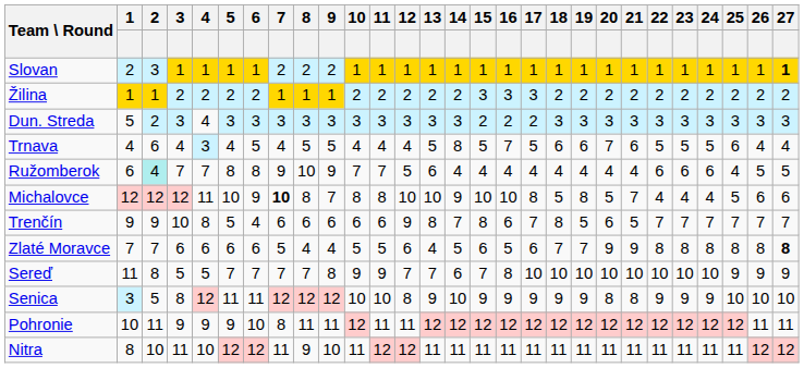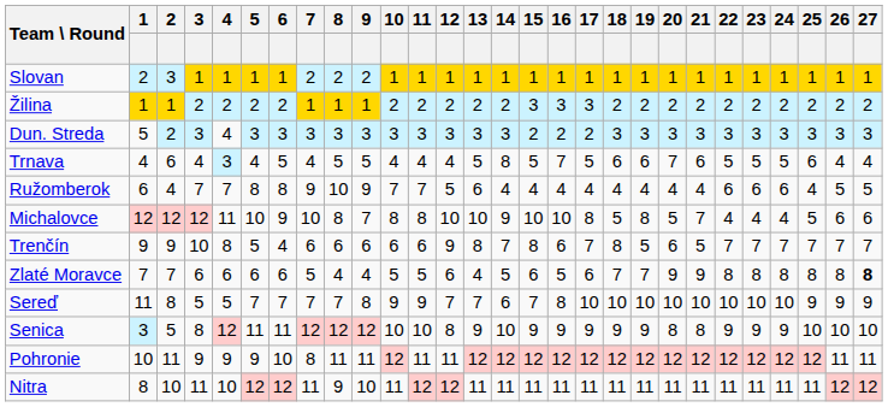 <table class="wikitable sortable" style="font-size: 100%; text-align:center;">
 <tr>
 <th rowspan="2">Team \ Round</th>
 <th align=center>1</th>
 <th align=center>2</th>
 <th align=center>3</th>
 <th align=center>4</th>
 <th align=center>5</th>
 <th align=center>6</th>
 <th align=center>7</th>
 <th align=center>8</th>
 <th align=center>9</th>
 <th align=center>10</th>
 <th align=center>11</th>
 <th align=center>12</th>
 <th align=center>13</th>
 <th align=center>14</th>
 <th align=center>15</th>
 <th align=center>16</th>
 <th align=center>17</th>
 <th align=center>18</th>
 <th align=center>19</th>
 <th align=center>20</th>
 <th align=center>21</th>
 <th align=center>22</th>
 <th align=center>23</th>
 <th align=center>24</th>
 <th align=center>25</th>
 <th align=center>26</th>
 <th align=center>27</th>
 </tr>
 <tr>
 <th style="text-align:center; height:20px;"></th>
 <th align=center></th>
 <th align=center></th>
 <th align=center></th>
 <th align=center></th>
 <th align=center></th>
 <th align=center></th>
 <th align=center></th>
 <th align=center></th>
 <th align=center></th>
 <th align=center></th>
 <th align=center></th>
 <th align=center></th>
 <th align=center></th>
 <th align=center></th>
 <th align=center></th>
 <th align=center></th>
 <th align=center></th>
 <th align=center></th>
 <th align=center></th>
 <th align=center></th>
 <th align=center></th>
 <th align=center></th>
 <th align=center></th>
 <th align=center></th>
 <th align=center></th>
 <th align=center></th>
 </tr>
 <tr align=center>
 <td align=left><a href='#'>Slovan</a></td>
 <td style="background:#CCF3FF;">2</td>
 <td style="background:#CCF3FF;">3</td>
 <td style="background:gold;">1</td>
 <td style="background:gold;">1</td>
 <td style="background:gold;">1</td>
 <td style="background:gold;">1</td>
 <td style="background:#CCF3FF;">2</td>
 <td style="background:#CCF3FF;">2</td>
 <td style="background:#CCF3FF;">2</td>
 <td style="background:gold;">1</td>
 <td style="background:gold;">1</td>
 <td style="background:gold;">1</td>
 <td style="background:gold;">1</td>
 <td style="background:gold;">1</td>
 <td style="background:gold;">1</td>
 <td style="background:gold;">1</td>
 <td style="background:gold;">1</td>
 <td style="background:gold;">1</td>
 <td style="background:gold;">1</td>
 <td style="background:gold;">1</td>
 <td style="background:gold;">1</td>
 <td style="background:gold;">1</td>
 <td style="background:gold;">1</td>
 <td style="background:gold;">1</td>
 <td style="background:gold;">1</td>
 <td style="background:gold;">1</td>
-<td style="background:gold;"><strong>1</strong></td>
+<td style="background:gold;">1</td>
 </tr>
 <tr align=center>
 <td align=left><a href='#'>Žilina</a></td>
 <td style="background:gold;">1</td>
 <td style="background:gold;">1</td>
 <td style="background:#CCF3FF;">2</td>
 <td style="background:#CCF3FF;">2</td>
 <td style="background:#CCF3FF;">2</td>
 <td style="background:#CCF3FF;">2</td>
 <td style="background:gold;">1</td>
 <td style="background:gold;">1</td>
 <td style="background:gold;">1</td>
 <td style="background:#CCF3FF;">2</td>
 <td style="background:#CCF3FF;">2</td>
 <td style="background:#CCF3FF;">2</td>
 <td style="background:#CCF3FF;">2</td>
 <td style="background:#CCF3FF;">2</td>
 <td style="background:#CCF3FF;">3</td>
 <td style="background:#CCF3FF;">3</td>
 <td style="background:#CCF3FF;">3</td>
 <td style="background:#CCF3FF;">2</td>
 <td style="background:#CCF3FF;">2</td>
 <td style="background:#CCF3FF;">2</td>
 <td style="background:#CCF3FF;">2</td>
 <td style="background:#CCF3FF;">2</td>
 <td style="background:#CCF3FF;">2</td>
 <td style="background:#CCF3FF;">2</td>
 <td style="background:#CCF3FF;">2</td>
 <td style="background:#CCF3FF;">2</td>
 <td style="background:#CCF3FF;">2</td>
 </tr>
 <tr align=center>
 <td align=left><a href='#'>Dun. Streda</a></td>
 <td>5</td>
 <td style="background:#CCF3FF;">2</td>
 <td style="background:#CCF3FF;">3</td>
 <td>4</td>
 <td style="background:#CCF3FF;">3</td>
 <td style="background:#CCF3FF;">3</td>
 <td style="background:#CCF3FF;">3</td>
 <td style="background:#CCF3FF;">3</td>
 <td style="background:#CCF3FF;">3</td>
 <td style="background:#CCF3FF;">3</td>
 <td style="background:#CCF3FF;">3</td>
 <td style="background:#CCF3FF;">3</td>
 <td style="background:#CCF3FF;">3</td>
 <td style="background:#CCF3FF;">3</td>
 <td style="background:#CCF3FF;">2</td>
 <td style="background:#CCF3FF;">2</td>
 <td style="background:#CCF3FF;">2</td>
 <td style="background:#CCF3FF;">3</td>
 <td style="background:#CCF3FF;">3</td>
 <td style="background:#CCF3FF;">3</td>
 <td style="background:#CCF3FF;">3</td>
 <td style="background:#CCF3FF;">3</td>
 <td style="background:#CCF3FF;">3</td>
 <td style="background:#CCF3FF;">3</td>
 <td style="background:#CCF3FF;">3</td>
 <td style="background:#CCF3FF;">3</td>
 <td style="background:#CCF3FF;">3</td>
 </tr>
 <tr align="center">
 <td align="left"><a href='#'>Trnava</a></td>
 <td>4</td>
 <td>6</td>
 <td>4</td>
 <td style="background:#CCF3FF;">3</td>
 <td>4</td>
 <td>5</td>
 <td>4</td>
 <td>5</td>
 <td>5</td>
 <td>4</td>
 <td>4</td>
 <td>4</td>
 <td>5</td>
 <td>8</td>
 <td>5</td>
 <td>7</td>
 <td>5</td>
 <td>6</td>
 <td>6</td>
 <td>7</td>
 <td>6</td>
 <td>5</td>
 <td>5</td>
 <td>5</td>
 <td>6</td>
 <td>4</td>
 <td>4</td>
 </tr>
 <tr align="center">
 <td align="left"><a href='#'>Ružomberok</a></td>
 <td>6</td>
-<td style="background: paleturquoise;">4</td>
+<td>4</td>
 <td>7</td>
 <td>7</td>
 <td>8</td>
 <td>8</td>
 <td>9</td>
 <td>10</td>
 <td>9</td>
 <td>7</td>
 <td>7</td>
 <td>5</td>
 <td>6</td>
 <td>4</td>
 <td>4</td>
 <td>4</td>
 <td>4</td>
 <td>4</td>
 <td>4</td>
 <td>4</td>
 <td>4</td>
 <td>6</td>
 <td>6</td>
 <td>6</td>
 <td>4</td>
 <td>5</td>
 <td>5</td>
 </tr>
 <tr align="center">
 <td align="left"><a href='#'>Michalovce</a></td>
 <td style="background:#FFCCCC;">12</td>
 <td style="background:#FFCCCC;">12</td>
 <td style="background:#FFCCCC;">12</td>
 <td>11</td>
 <td>10</td>
 <td>9</td>
-<td><strong>10</strong></td>
+<td>10</td>
 <td>8</td>
 <td>7</td>
 <td>8</td>
 <td>8</td>
 <td>10</td>
 <td>10</td>
 <td>9</td>
 <td>10</td>
 <td>10</td>
 <td>8</td>
 <td>5</td>
 <td>8</td>
 <td>5</td>
 <td>7</td>
 <td>4</td>
 <td>4</td>
 <td>4</td>
 <td>5</td>
 <td>6</td>
 <td>6</td>
 </tr>
 <tr align="center">
 <td align="left"><a href='#'>Trenčín</a></td>
 <td>9</td>
 <td>9</td>
 <td>10</td>
 <td>8</td>
 <td>5</td>
 <td>4</td>
 <td>6</td>
 <td>6</td>
 <td>6</td>
 <td>6</td>
 <td>6</td>
 <td>9</td>
 <td>8</td>
 <td>7</td>
 <td>8</td>
 <td>6</td>
 <td>7</td>
 <td>8</td>
 <td>5</td>
 <td>6</td>
 <td>5</td>
 <td>7</td>
 <td>7</td>
 <td>7</td>
 <td>7</td>
 <td>7</td>
 <td>7</td>
 </tr>
 <tr align="center">
 <td align="left"><a href='#'>Zlaté Moravce</a></td>
 <td>7</td>
 <td>7</td>
 <td>6</td>
 <td>6</td>
 <td>6</td>
 <td>6</td>
 <td>5</td>
 <td>4</td>
 <td>4</td>
 <td>5</td>
 <td>5</td>
 <td>6</td>
 <td>4</td>
 <td>5</td>
 <td>6</td>
 <td>5</td>
 <td>6</td>
 <td>7</td>
 <td>7</td>
 <td>9</td>
 <td>9</td>
 <td>8</td>
 <td>8</td>
 <td>8</td>
 <td>8</td>
 <td>8</td>
 <td><strong>8</strong></td>
 </tr>
 <tr align=center>
 <td align=left><a href='#'>Sereď</a></td>
 <td>11</td>
 <td>8</td>
 <td>5</td>
 <td>5</td>
 <td>7</td>
 <td>7</td>
 <td>7</td>
 <td>7</td>
 <td>8</td>
 <td>9</td>
 <td>9</td>
 <td>7</td>
 <td>7</td>
 <td>6</td>
 <td>7</td>
 <td>8</td>
 <td>10</td>
 <td>10</td>
 <td>10</td>
 <td>10</td>
 <td>10</td>
 <td>10</td>
 <td>10</td>
 <td>10</td>
 <td>9</td>
 <td>9</td>
 <td>9</td>
 </tr>
 <tr align="center">
 <td align="left"><a href='#'>Senica</a></td>
 <td style="background:#CCF3FF;">3</td>
 <td>5</td>
 <td>8</td>
 <td style="background:#FFCCCC;">12</td>
 <td>11</td>
 <td>11</td>
 <td style="background:#FFCCCC;">12</td>
 <td style="background:#FFCCCC;">12</td>
 <td style="background:#FFCCCC;">12</td>
 <td>10</td>
 <td>10</td>
 <td>8</td>
 <td>9</td>
 <td>10</td>
 <td>9</td>
 <td>9</td>
 <td>9</td>
 <td>9</td>
 <td>9</td>
 <td>8</td>
 <td>8</td>
 <td>9</td>
 <td>9</td>
 <td>9</td>
 <td>10</td>
 <td>10</td>
 <td>10</td>
 </tr>
 <tr align=center>
 <td align=left><a href='#'>Pohronie</a></td>
 <td>10</td>
 <td>11</td>
 <td>9</td>
 <td>9</td>
 <td>9</td>
 <td>10</td>
 <td>8</td>
 <td>11</td>
 <td>11</td>
 <td style="background:#FFCCCC;">12</td>
 <td>11</td>
 <td>11</td>
 <td style="background:#FFCCCC;">12</td>
 <td style="background:#FFCCCC;">12</td>
 <td style="background:#FFCCCC;">12</td>
 <td style="background:#FFCCCC;">12</td>
 <td style="background:#FFCCCC;">12</td>
 <td style="background:#FFCCCC;">12</td>
 <td style="background:#FFCCCC;">12</td>
 <td style="background:#FFCCCC;">12</td>
 <td style="background:#FFCCCC;">12</td>
 <td style="background:#FFCCCC;">12</td>
 <td style="background:#FFCCCC;">12</td>
 <td style="background:#FFCCCC;">12</td>
 <td style="background:#FFCCCC;">12</td>
 <td>11</td>
 <td>11</td>
 </tr>
 <tr align=center>
 <td align=left><a href='#'>Nitra</a></td>
 <td>8</td>
 <td>10</td>
 <td>11</td>
 <td>10</td>
 <td style="background:#FFCCCC;">12</td>
 <td style="background:#FFCCCC;">12</td>
 <td>11</td>
 <td>9</td>
 <td>10</td>
 <td>11</td>
 <td style="background:#FFCCCC;">12</td>
 <td style="background:#FFCCCC;">12</td>
 <td>11</td>
 <td>11</td>
 <td>11</td>
 <td>11</td>
 <td>11</td>
 <td>11</td>
 <td>11</td>
 <td>11</td>
 <td>11</td>
 <td>11</td>
 <td>11</td>
 <td>11</td>
 <td>11</td>
 <td style="background:#FFCCCC;">12</td>
 <td style="background:#FFCCCC;">12</td>
 </tr>
 </table>
